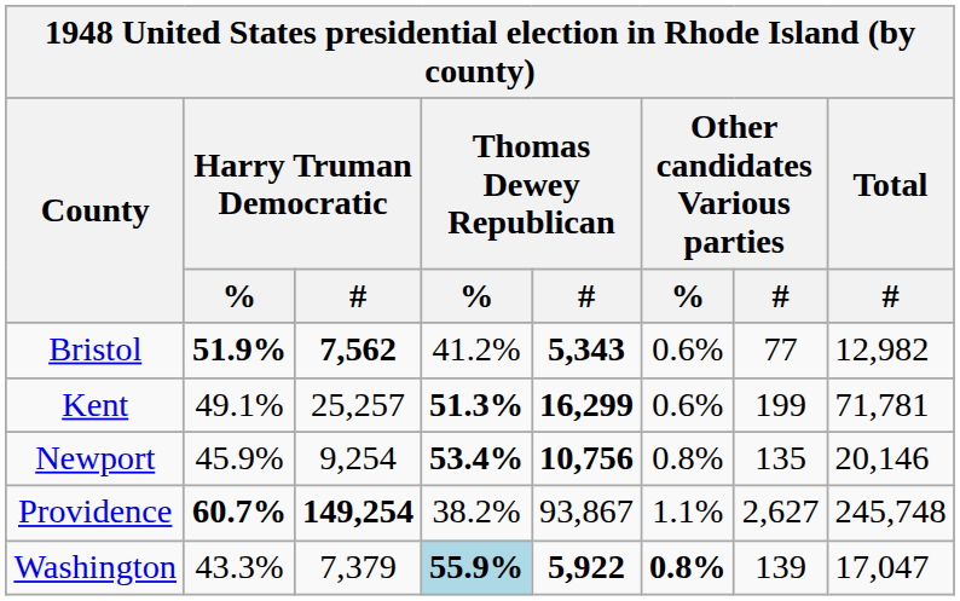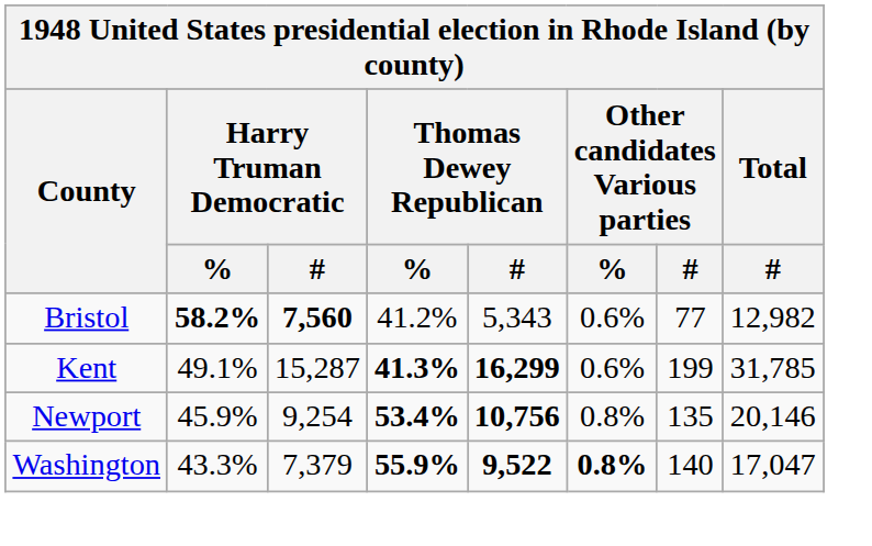 <table style="width:60%;" class="wikitable sortable">
 <tr>
 <th colspan="8">1948 United States presidential election in Rhode Island (by county) </th>
 </tr>
 <tr>
 <th rowspan="2">County</th>
 <th colspan="2">Harry Truman<br>Democratic</th>
 <th colspan="2">Thomas Dewey<br>Republican</th>
 <th colspan="2">Other candidates<br>Various parties</th>
 <th colspan=”2”>Total</th>
 </tr>
 <tr style="background:lightgrey;">
 <th>%</th>
 <th>#</th>
 <th>%</th>
 <th>#</th>
 <th>%</th>
 <th>#</th>
 <th>#</th>
 </tr>
 <tr>
 <td align="center" ><a href='#'>Bristol</a></td>
-<td style="text-align:center;"><strong>51.9%</strong></td>
-<td style="text-align:center;"><strong>7,562</strong></td>
+<td style="text-align:center;"><strong>58.2%</strong></td>
+<td style="text-align:center;"><strong>7,560</strong></td>
 <td style="text-align:center;">41.2%</td>
-<td style="text-align:center;"><strong>5,343</strong></td>
+<td style="text-align:center;">5,343</td>
 <td style="text-align:center;">0.6%</td>
 <td style="text-align:center;">77</td>
 <td style=”text-align:center;”>12,982</td>
 </tr>
 <tr>
 <td align="center" ><a href='#'>Kent</a></td>
 <td style="text-align:center;">49.1%</td>
-<td style="text-align:center;">25,257</td>
-<td style="text-align:center;"><strong>51.3%</strong></td>
+<td style="text-align:center;">15,287</td>
+<td style="text-align:center;"><strong>41.3%</strong></td>
 <td style="text-align:center;"><strong>16,299</strong></td>
 <td style="text-align:center;">0.6%</td>
 <td style="text-align:center;">199</td>
-<td style=”text-align:center;”>71,781</td>
+<td style=”text-align:center;”>31,785</td>
 </tr>
 <tr>
 <td align="center" ><a href='#'>Newport</a></td>
 <td style="text-align:center;">45.9%</td>
 <td style="text-align:center;">9,254</td>
 <td style="text-align:center;"><strong>53.4%</strong></td>
 <td style="text-align:center;"><strong>10,756</strong></td>
 <td style="text-align:center;">0.8%</td>
 <td style="text-align:center;">135</td>
 <td style=”text-align:center;”>20,146</td>
 </tr>
 <tr>
-<td align="center" ><a href='#'>Providence</a></td>
-<td style="text-align:center;"><strong>60.7%</strong></td>
-<td style="text-align:center;"><strong>149,254</strong></td>
-<td style="text-align:center;">38.2%</td>
-<td style="text-align:center;">93,867</td>
-<td style="text-align:center;">1.1%</td>
-<td style="text-align:center;">2,627</td>
-<td style=”text-align:center;”>245,748</td>
-</tr>
-<tr>
 <td align="center" ><a href='#'>Washington</a></td>
 <td style="text-align:center;">43.3%</td>
 <td style="text-align:center;">7,379</td>
-<td style="background: lightblue; text-align:center;"><strong>55.9%</strong></td>
-<td style="text-align:center;"><strong>5,922</strong></td>
+<td style="text-align:center;"><strong>55.9%</strong></td>
+<td style="text-align:center;"><strong>9,522</strong></td>
 <td style="text-align:center;"><strong>0.8%</strong></td>
-<td style="text-align:center;">139</td>
+<td style="text-align:center;">140</td>
 <td style=”text-align:center;”>17,047</td>
 </tr>
 </table>
